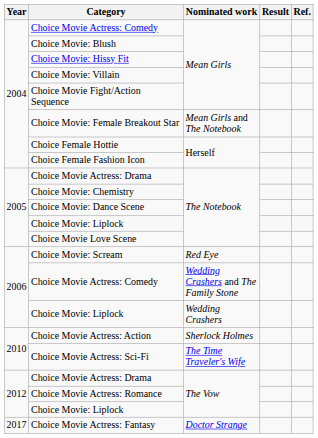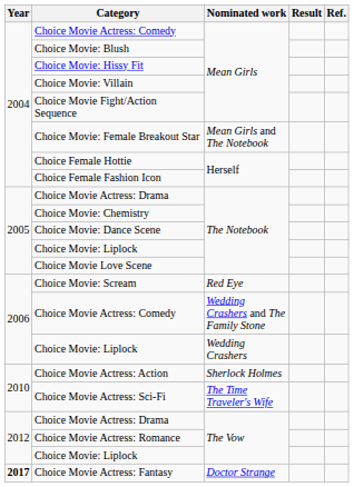 <table class="wikitable" style="width:80%;">
 <tr>
 <th style="width:4%;">Year</th>
 <th style="width:55%;">Category</th>
 <th style="width:26%;">Nominated work</th>
 <th style="width:10%;">Result</th>
 <th width=5%>Ref.</th>
 </tr>
 <tr>
 <td align="center" rowspan=8>2004</td>
 <td><a href='#'>Choice Movie Actress: Comedy</a></td>
 <td rowspan=5><em>Mean Girls</em></td>
 <td></td>
 <td></td>
 </tr>
 <tr>
 <td>Choice Movie: Blush</td>
 <td></td>
 <td></td>
 </tr>
 <tr>
 <td><a href='#'>Choice Movie: Hissy Fit</a></td>
 <td></td>
 <td></td>
 </tr>
 <tr>
 <td>Choice Movie: Villain</td>
 <td></td>
 <td></td>
 </tr>
 <tr>
 <td>Choice Movie Fight/Action Sequence</td>
 <td></td>
 <td></td>
 </tr>
 <tr>
 <td>Choice Movie: Female Breakout Star</td>
 <td><em>Mean Girls</em> and <em>The Notebook</em></td>
 <td></td>
 <td></td>
 </tr>
 <tr>
 <td>Choice Female Hottie</td>
 <td rowspan="2">Herself</td>
 <td></td>
 </tr>
 <tr>
 <td>Choice Female Fashion Icon</td>
 <td></td>
 <td></td>
 </tr>
 <tr>
 <td align="center" rowspan=5>2005</td>
 <td>Choice Movie Actress: Drama</td>
 <td rowspan=5><em>The Notebook</em></td>
 <td></td>
 <td align="center"></td>
 </tr>
 <tr>
 <td>Choice Movie: Chemistry </td>
 <td></td>
 <td align="center"></td>
 </tr>
 <tr>
 <td>Choice Movie: Dance Scene </td>
 <td></td>
 <td align="center"></td>
 </tr>
 <tr>
 <td>Choice Movie: Liplock </td>
 <td></td>
 <td align="center"></td>
 </tr>
 <tr>
 <td>Choice Movie Love Scene </td>
 <td></td>
 <td align="center"></td>
 </tr>
 <tr>
 <td rowspan=3>2006</td>
 <td>Choice Movie: Scream</td>
 <td><em>Red Eye</em></td>
 <td></td>
 <td></td>
 </tr>
 <tr>
 <td>Choice Movie Actress: Comedy</td>
 <td><em><a href='#'>Wedding Crashers</a></em> and <em>The Family Stone</em></td>
 <td></td>
 <td align="center"></td>
 </tr>
 <tr>
 <td>Choice Movie: Liplock </td>
 <td><em>Wedding Crashers</em></td>
 <td></td>
 <td align="center"></td>
 </tr>
 <tr>
 <td rowspan="2">2010</td>
 <td>Choice Movie Actress: Action</td>
 <td><em>Sherlock Holmes</em></td>
 <td></td>
 <td align="center"></td>
 </tr>
 <tr>
 <td>Choice Movie Actress: Sci-Fi</td>
 <td><em><a href='#'>The Time Traveler's Wife</a></em></td>
 <td></td>
 <td align="center"></td>
 </tr>
 <tr>
 <td rowspan="3">2012</td>
 <td>Choice Movie Actress: Drama</td>
 <td rowspan="3"><em>The Vow</em></td>
 <td></td>
 <td></td>
 </tr>
 <tr>
 <td>Choice Movie Actress: Romance</td>
 <td></td>
 <td></td>
 </tr>
 <tr>
 <td>Choice Movie: Liplock </td>
 <td></td>
 <td></td>
 </tr>
 <tr>
-<td align="center">2017</td>
+<td align="center"><strong>2017</strong></td>
 <td>Choice Movie Actress: Fantasy</td>
 <td><em><a href='#'>Doctor Strange</a></em></td>
 <td></td>
 <td align="center"></td>
 </tr>
 </table>
